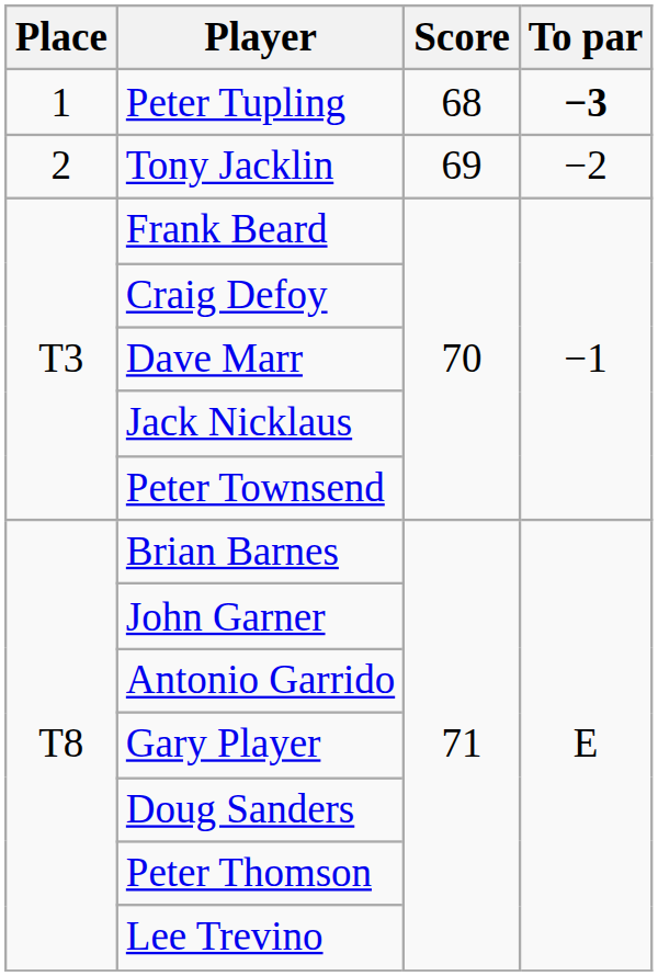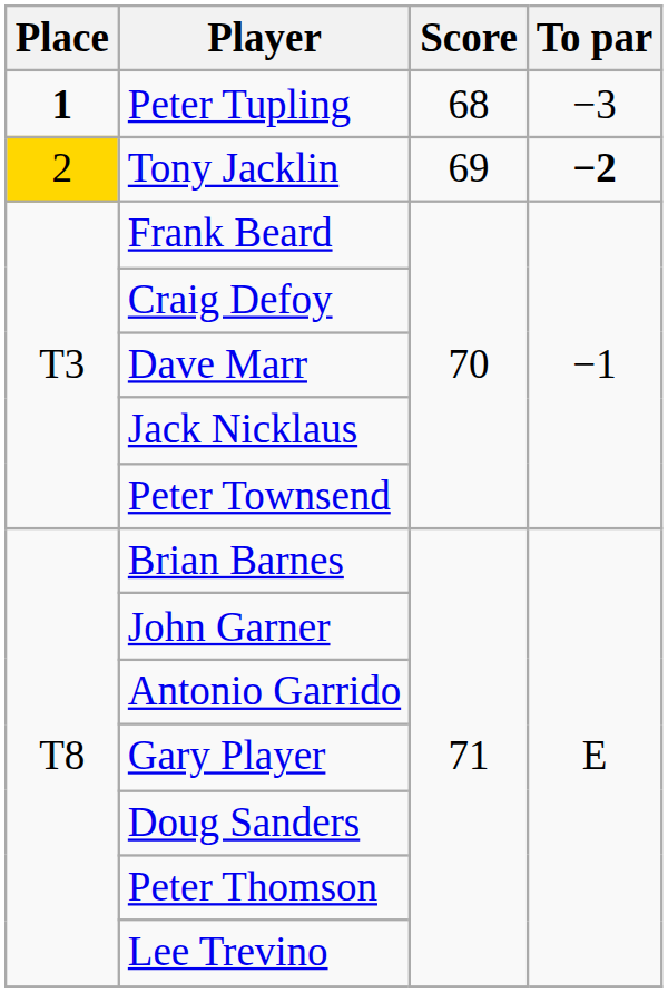 <table class="wikitable">
 <tr>
 <th>Place</th>
 <th>Player</th>
 <th>Score</th>
 <th>To par</th>
 </tr>
 <tr>
-<td align=center>1</td>
+<td align=center><strong>1</strong></td>
 <td> <a href='#'>Peter Tupling</a></td>
 <td align=center>68</td>
-<td align=center><strong>−3</strong></td>
+<td align=center>−3</td>
 </tr>
 <tr>
-<td align=center>2</td>
+<td align=center style="background: gold;">2</td>
 <td> <a href='#'>Tony Jacklin</a></td>
 <td align=center>69</td>
-<td align=center>−2</td>
+<td align=center><strong>−2</strong></td>
 </tr>
 <tr>
 <td rowspan="5" align=center>T3</td>
 <td> <a href='#'>Frank Beard</a></td>
 <td rowspan="5" align=center>70</td>
 <td rowspan="5" align=center>−1</td>
 </tr>
 <tr>
 <td> <a href='#'>Craig Defoy</a></td>
 </tr>
 <tr>
 <td> <a href='#'>Dave Marr</a></td>
 </tr>
 <tr>
 <td> <a href='#'>Jack Nicklaus</a></td>
 </tr>
 <tr>
 <td> <a href='#'>Peter Townsend</a></td>
 </tr>
 <tr>
 <td rowspan="7" align=center>T8</td>
 <td> <a href='#'>Brian Barnes</a></td>
 <td rowspan="7" align=center>71</td>
 <td rowspan="7" align=center>E</td>
 </tr>
 <tr>
 <td> <a href='#'>John Garner</a></td>
 </tr>
 <tr>
 <td> <a href='#'>Antonio Garrido</a></td>
 </tr>
 <tr>
 <td> <a href='#'>Gary Player</a></td>
 </tr>
 <tr>
 <td> <a href='#'>Doug Sanders</a></td>
 </tr>
 <tr>
 <td> <a href='#'>Peter Thomson</a></td>
 </tr>
 <tr>
 <td> <a href='#'>Lee Trevino</a></td>
 </tr>
 </table>
